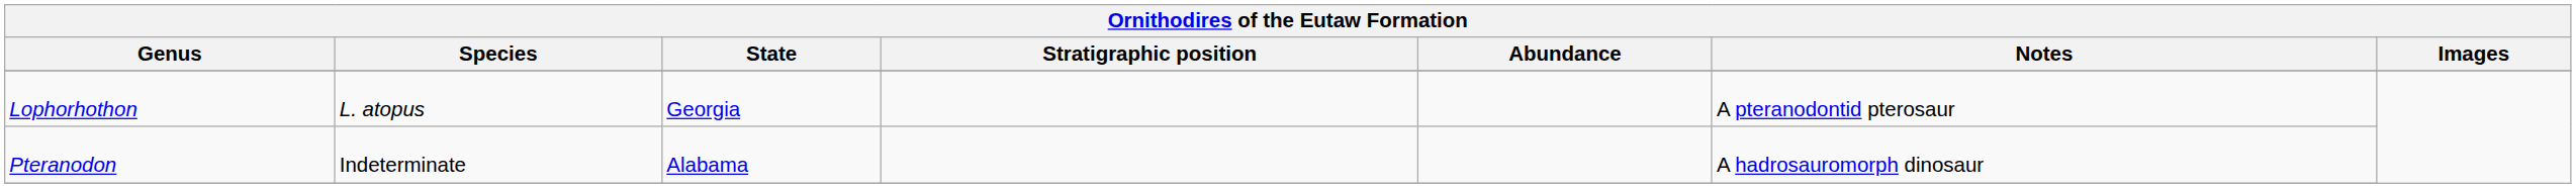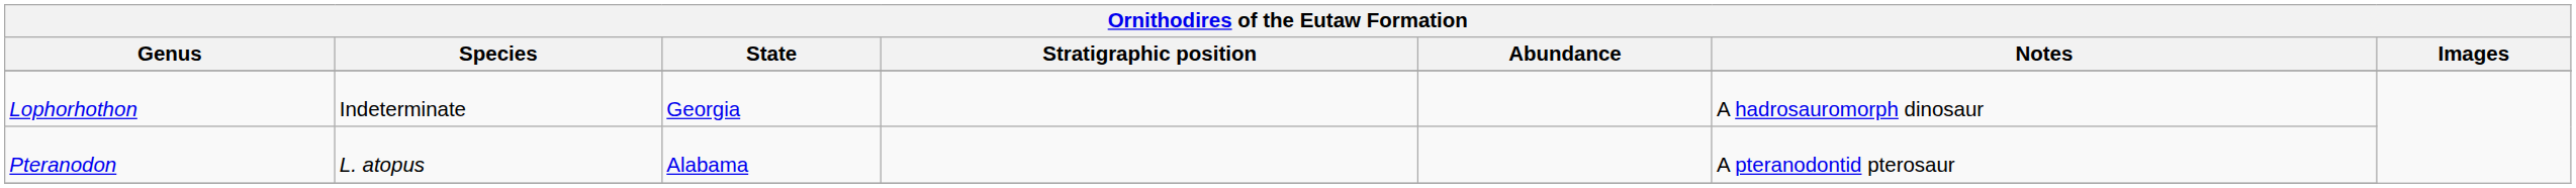 <table class="wikitable" align="center" width="100%">
 <tr>
 <th colspan="7" align="center"><strong><a href='#'>Ornithodires</a> of the Eutaw Formation</strong></th>
 </tr>
 <tr>
 <th>Genus</th>
 <th>Species</th>
 <th>State</th>
 <th>Stratigraphic position</th>
 <th>Abundance</th>
 <th>Notes</th>
 <th>Images</th>
 </tr>
 <tr>
 </tr>
 <tr>
 <td><br><em><a href='#'>Lophorhothon</a></em></td>
-<td><br><em>L. atopus</em></td>
+<td><br>Indeterminate</td>
 <td><br><a href='#'>Georgia</a></td>
 <td></td>
 <td></td>
-<td><br>A <a href='#'>pteranodontid</a> pterosaur</td>
+<td><br>A <a href='#'>hadrosauromorph</a> dinosaur</td>
 <td rowspan="99"><br> </td>
 </tr>
 <tr>
 <td><br><em><a href='#'>Pteranodon</a></em></td>
-<td><br>Indeterminate</td>
+<td><br><em>L. atopus</em></td>
 <td><br><a href='#'>Alabama</a></td>
 <td></td>
 <td></td>
-<td><br>A <a href='#'>hadrosauromorph</a> dinosaur</td>
+<td><br>A <a href='#'>pteranodontid</a> pterosaur</td>
 </tr>
 <tr>
 </tr>
 </table>
